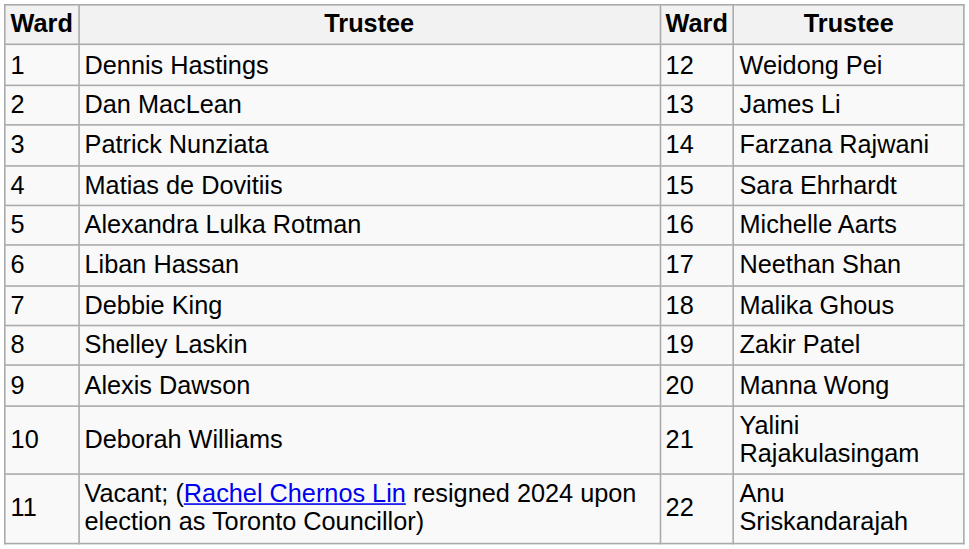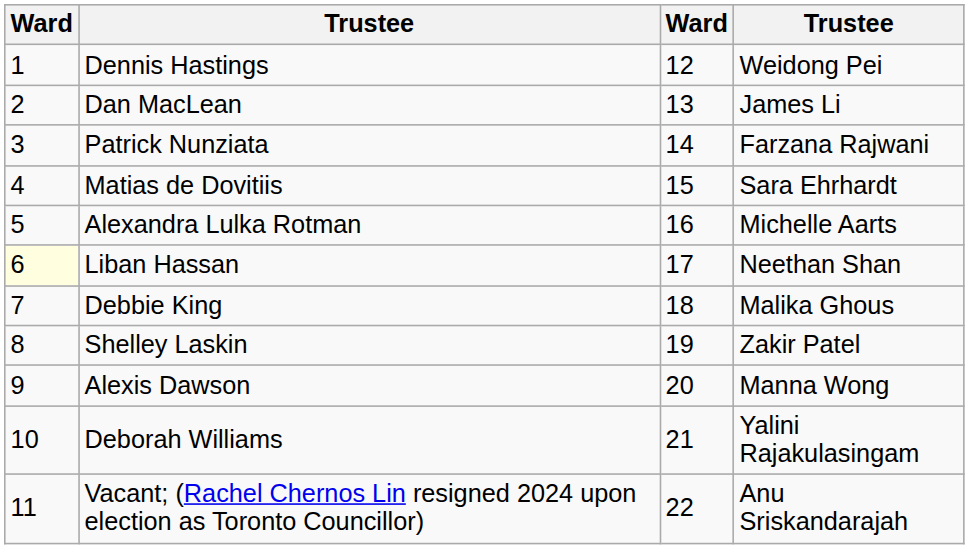 <table class="wikitable">
 <tr>
 <th>Ward</th>
 <th>Trustee</th>
 <th>Ward</th>
 <th>Trustee</th>
 </tr>
 <tr>
 <td>1</td>
 <td>Dennis Hastings</td>
 <td>12</td>
 <td>Weidong Pei</td>
 </tr>
 <tr>
 <td>2</td>
 <td>Dan MacLean</td>
 <td>13</td>
 <td>James Li</td>
 </tr>
 <tr>
 <td>3</td>
 <td>Patrick Nunziata</td>
 <td>14</td>
 <td>Farzana Rajwani</td>
 </tr>
 <tr>
 <td>4</td>
 <td>Matias de Dovitiis</td>
 <td>15</td>
 <td>Sara Ehrhardt</td>
 </tr>
 <tr>
 <td>5</td>
 <td>Alexandra Lulka Rotman</td>
 <td>16</td>
 <td>Michelle Aarts</td>
 </tr>
 <tr>
-<td>6</td>
+<td style="background: lightyellow;">6</td>
 <td>Liban Hassan</td>
 <td>17</td>
 <td>Neethan Shan</td>
 </tr>
 <tr>
 <td>7</td>
 <td>Debbie King</td>
 <td>18</td>
 <td>Malika Ghous</td>
 </tr>
 <tr>
 <td>8</td>
 <td>Shelley Laskin</td>
 <td>19</td>
 <td>Zakir Patel</td>
 </tr>
 <tr>
 <td>9</td>
 <td>Alexis Dawson</td>
 <td>20</td>
 <td>Manna Wong</td>
 </tr>
 <tr>
 <td>10</td>
 <td>Deborah Williams</td>
 <td>21</td>
 <td>Yalini Rajakulasingam</td>
 </tr>
 <tr>
 <td>11</td>
 <td>Vacant; (<a href='#'>Rachel Chernos Lin</a> resigned 2024 upon election as Toronto Councillor)</td>
 <td>22</td>
 <td>Anu Sriskandarajah</td>
 </tr>
 </table>
